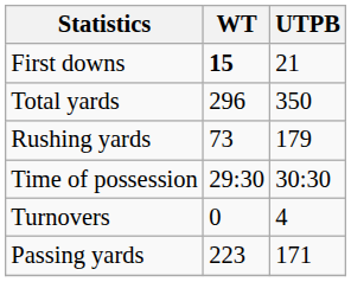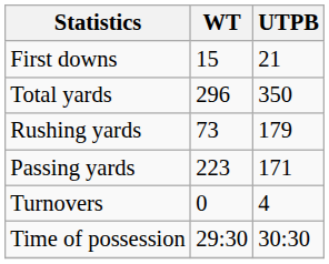 <table class="wikitable">
 <tr>
 <th>Statistics</th>
 <th>WT</th>
 <th>UTPB</th>
 </tr>
 <tr>
 <td>First downs</td>
-<td><strong>15</strong></td>
+<td>15</td>
 <td>21</td>
 </tr>
 <tr>
 <td>Total yards</td>
 <td>296</td>
 <td>350</td>
 </tr>
 <tr>
 <td>Rushing yards</td>
 <td>73</td>
 <td>179</td>
 </tr>
 <tr>
-<td>Time of possession</td>
-<td>29:30</td>
-<td>30:30</td>
+<td>Passing yards</td>
+<td>223</td>
+<td>171</td>
 </tr>
 <tr>
 <td>Turnovers</td>
 <td>0</td>
 <td>4</td>
 </tr>
 <tr>
-<td>Passing yards</td>
-<td>223</td>
-<td>171</td>
+<td>Time of possession</td>
+<td>29:30</td>
+<td>30:30</td>
 </tr>
 <tr>
 </tr>
 </table>
